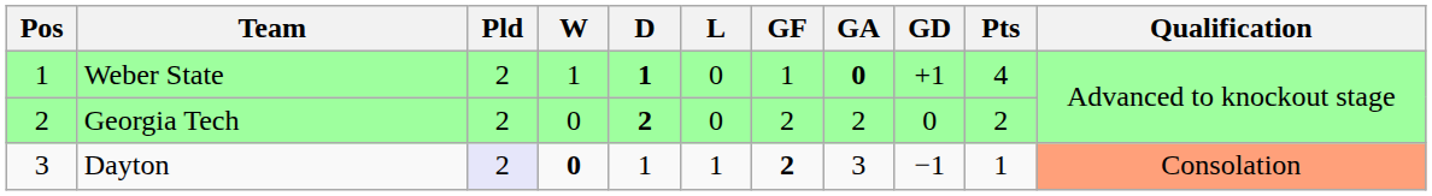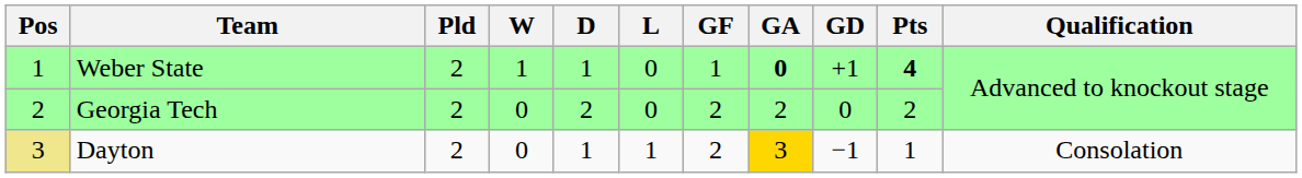 <table class="wikitable" style="text-align:center; margin: 1em auto">
 <tr>
 <th style="width:2em">Pos</th>
 <th style="width:13em">Team</th>
 <th style="width:2em">Pld</th>
 <th style="width:2em">W</th>
 <th style="width:2em">D</th>
 <th style="width:2em">L</th>
 <th style="width:2em">GF</th>
 <th style="width:2em">GA</th>
 <th style="width:2em">GD</th>
 <th style="width:2em">Pts</th>
 <th style="width:13em">Qualification</th>
 </tr>
 <tr bgcolor="#9eff9e">
 <td>1</td>
 <td style="text-align:left">Weber State</td>
 <td>2</td>
 <td>1</td>
-<td><strong>1</strong></td>
+<td>1</td>
 <td>0</td>
 <td>1</td>
 <td><strong>0</strong></td>
 <td>+1</td>
-<td>4</td>
+<td><strong>4</strong></td>
 <td rowspan="2">Advanced to knockout stage</td>
 </tr>
 <tr bgcolor="#9eff9e">
 <td>2</td>
 <td style="text-align:left">Georgia Tech</td>
 <td>2</td>
 <td>0</td>
-<td><strong>2</strong></td>
+<td>2</td>
 <td>0</td>
 <td>2</td>
 <td>2</td>
 <td>0</td>
 <td>2</td>
 </tr>
 <tr>
-<td>3</td>
+<td style="background: khaki;">3</td>
 <td style="text-align:left">Dayton</td>
-<td style="background: lavender;">2</td>
-<td><strong>0</strong></td>
+<td>2</td>
+<td>0</td>
 <td>1</td>
 <td>1</td>
-<td><strong>2</strong></td>
-<td>3</td>
+<td>2</td>
+<td style="background: gold;">3</td>
 <td>−1</td>
 <td>1</td>
-<td style="background: lightsalmon;">Consolation</td>
+<td>Consolation</td>
 </tr>
 </table>
